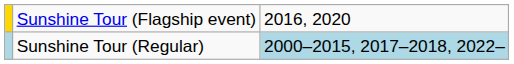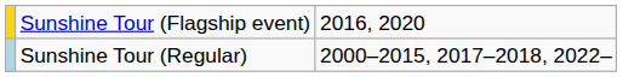 <table class="wikitable" style="font-size:95%">
 <tr>
 <td style="background:gold"></td>
 <td><a href='#'>Sunshine Tour</a> (Flagship event)</td>
 <td>2016, 2020</td>
 </tr>
 <tr>
 <td style="background:lightblue"></td>
 <td>Sunshine Tour (Regular)</td>
-<td style="background: lightblue;">2000–2015, 2017–2018, 2022–</td>
+<td>2000–2015, 2017–2018, 2022–</td>
 </tr>
 </table>
